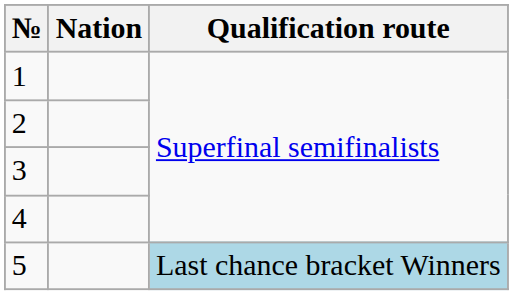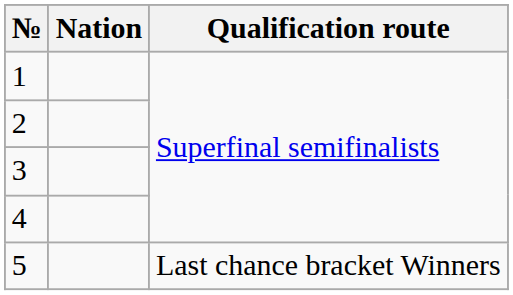 <table class="wikitable" style="text-align:centre">
 <tr>
 <th>№</th>
 <th>Nation</th>
 <th>Qualification route</th>
 </tr>
 <tr>
 <td>1</td>
 <td></td>
 <td rowspan=4><a href='#'>Superfinal semifinalists</a></td>
 </tr>
 <tr>
 <td>2</td>
 <td></td>
 </tr>
 <tr>
 <td>3</td>
 <td></td>
 </tr>
 <tr>
 <td>4</td>
 <td></td>
 </tr>
 <tr>
 <td>5</td>
 <td></td>
-<td style="background: lightblue;">Last chance bracket Winners</td>
+<td>Last chance bracket Winners</td>
 </tr>
 </table>
